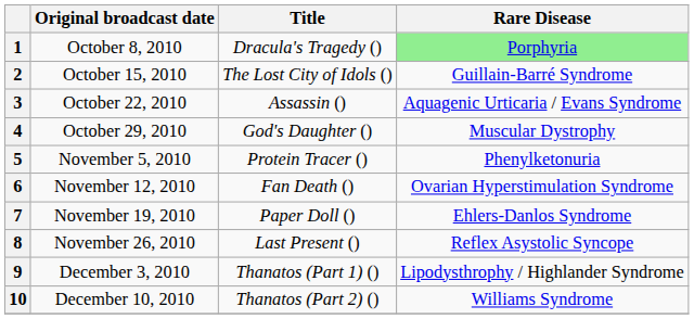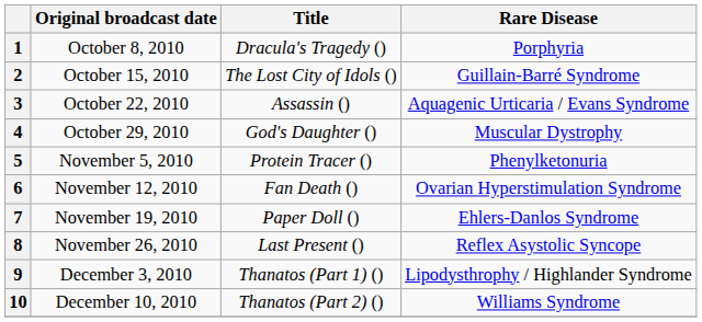 <table class="wikitable" style="text-align:center">
 <tr>
 <th></th>
 <th>Original broadcast date</th>
 <th>Title</th>
 <th>Rare Disease</th>
 </tr>
 <tr>
 <th>1</th>
 <td>October 8, 2010</td>
 <td><em>Dracula's Tragedy</em> ()</td>
-<td style="background: lightgreen;"><a href='#'>Porphyria</a></td>
+<td><a href='#'>Porphyria</a></td>
 </tr>
 <tr>
 <th>2</th>
 <td>October 15, 2010</td>
 <td><em>The Lost City of Idols</em> ()</td>
 <td><a href='#'>Guillain-Barré Syndrome</a></td>
 </tr>
 <tr>
 <th>3</th>
 <td>October 22, 2010</td>
 <td><em>Assassin</em> ()</td>
 <td><a href='#'>Aquagenic Urticaria</a> / <a href='#'>Evans Syndrome</a></td>
 </tr>
 <tr>
 <th>4</th>
 <td>October 29, 2010</td>
 <td><em>God's Daughter</em> ()</td>
 <td><a href='#'>Muscular Dystrophy</a></td>
 </tr>
 <tr>
 <th>5</th>
 <td>November 5, 2010</td>
 <td><em>Protein Tracer</em> ()</td>
 <td><a href='#'>Phenylketonuria</a></td>
 </tr>
 <tr>
 <th>6</th>
 <td>November 12, 2010</td>
 <td><em>Fan Death</em> ()</td>
 <td><a href='#'>Ovarian Hyperstimulation Syndrome</a></td>
 </tr>
 <tr>
 <th>7</th>
 <td>November 19, 2010</td>
 <td><em>Paper Doll</em> ()</td>
 <td><a href='#'>Ehlers-Danlos Syndrome</a></td>
 </tr>
 <tr>
 <th>8</th>
 <td>November 26, 2010</td>
 <td><em>Last Present</em> ()</td>
 <td><a href='#'>Reflex Asystolic Syncope</a></td>
 </tr>
 <tr>
 <th>9</th>
 <td>December 3, 2010</td>
 <td><em>Thanatos (Part 1)</em> ()</td>
 <td><a href='#'>Lipodysthrophy</a> / Highlander Syndrome</td>
 </tr>
 <tr>
 <th>10</th>
 <td>December 10, 2010</td>
 <td><em>Thanatos (Part 2)</em> ()</td>
 <td><a href='#'>Williams Syndrome</a></td>
 </tr>
 <tr>
 </tr>
 </table>
